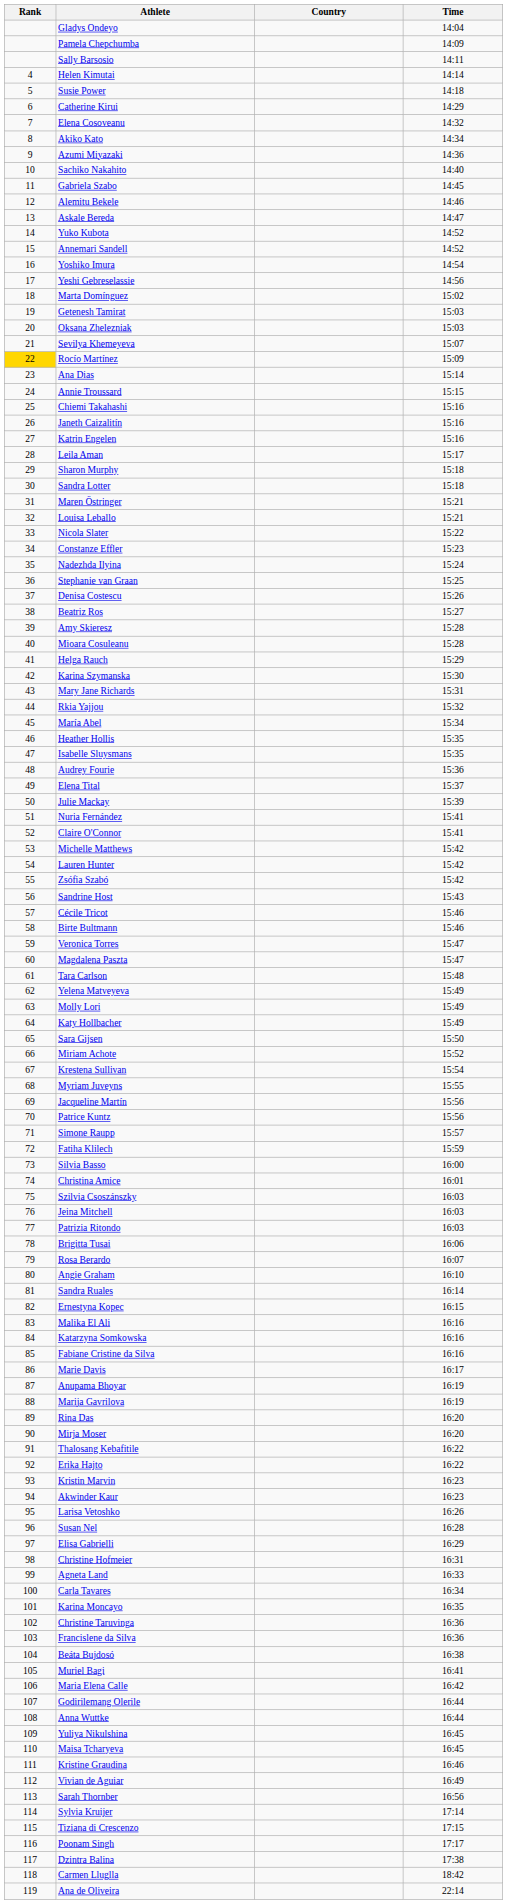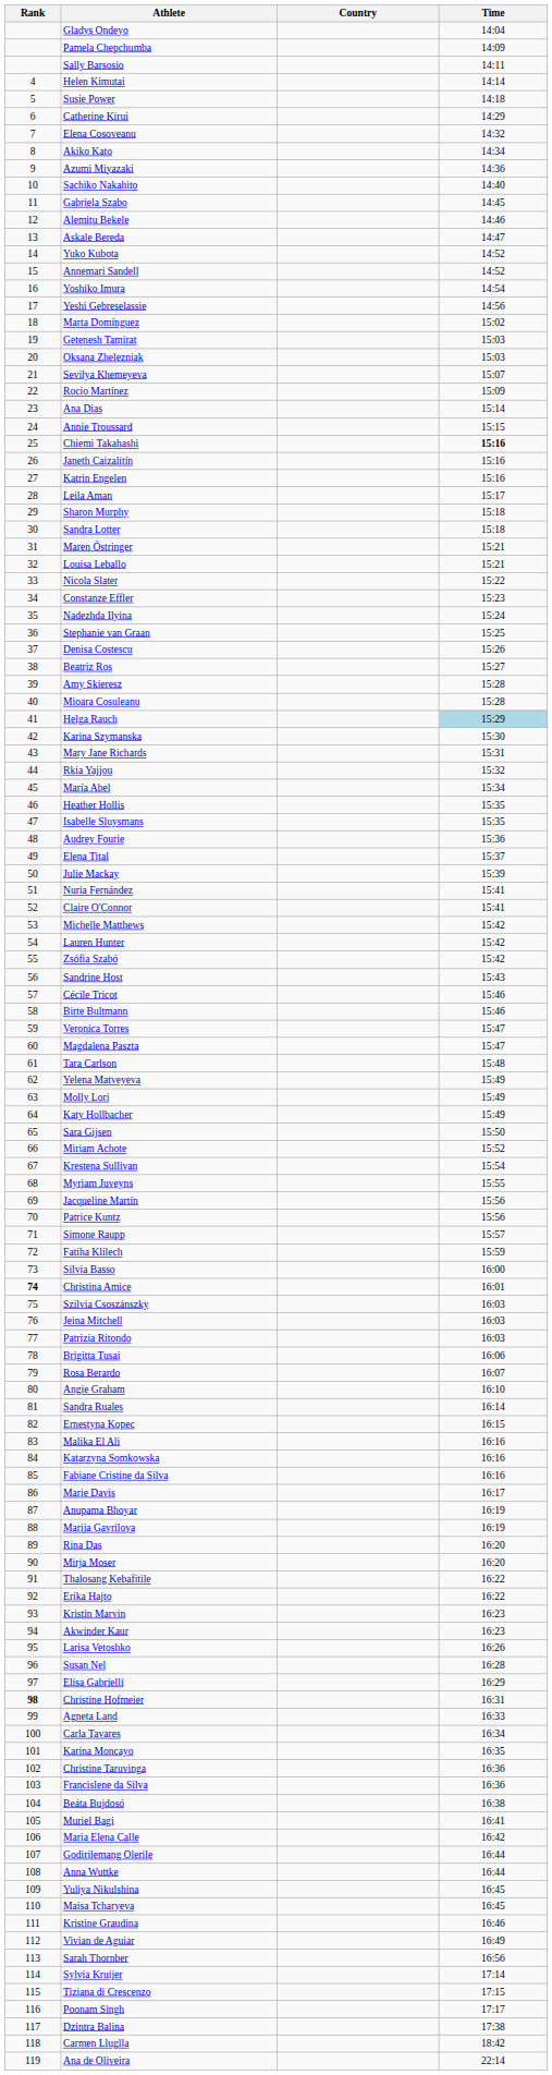 <table class="wikitable sortable" style=" text-align:center; font-size:95%;" width="50%">
 <tr>
 <th width=5%>Rank</th>
 <th width=20%>Athlete</th>
 <th width=15%>Country</th>
 <th width=10%>Time</th>
 </tr>
 <tr>
 <td align=center></td>
 <td align=left><a href='#'>Gladys Ondeyo</a></td>
 <td align=left></td>
 <td>14:04</td>
 </tr>
 <tr>
 <td align=center></td>
 <td align=left><a href='#'>Pamela Chepchumba</a></td>
 <td align=left></td>
 <td>14:09</td>
 </tr>
 <tr>
 <td align=center></td>
 <td align=left><a href='#'>Sally Barsosio</a></td>
 <td align=left></td>
 <td>14:11</td>
 </tr>
 <tr>
 <td align=center>4</td>
 <td align=left><a href='#'>Helen Kimutai</a></td>
 <td align=left></td>
 <td>14:14</td>
 </tr>
 <tr>
 <td align=center>5</td>
 <td align=left><a href='#'>Susie Power</a></td>
 <td align=left></td>
 <td>14:18</td>
 </tr>
 <tr>
 <td align=center>6</td>
 <td align=left><a href='#'>Catherine Kirui</a></td>
 <td align=left></td>
 <td>14:29</td>
 </tr>
 <tr>
 <td align=center>7</td>
 <td align=left><a href='#'>Elena Cosoveanu</a></td>
 <td align=left></td>
 <td>14:32</td>
 </tr>
 <tr>
 <td align=center>8</td>
 <td align=left><a href='#'>Akiko Kato</a></td>
 <td align=left></td>
 <td>14:34</td>
 </tr>
 <tr>
 <td align=center>9</td>
 <td align=left><a href='#'>Azumi Miyazaki</a></td>
 <td align=left></td>
 <td>14:36</td>
 </tr>
 <tr>
 <td align=center>10</td>
 <td align=left><a href='#'>Sachiko Nakahito</a></td>
 <td align=left></td>
 <td>14:40</td>
 </tr>
 <tr>
 <td align=center>11</td>
 <td align=left><a href='#'>Gabriela Szabo</a></td>
 <td align=left></td>
 <td>14:45</td>
 </tr>
 <tr>
 <td align=center>12</td>
 <td align=left><a href='#'>Alemitu Bekele</a></td>
 <td align=left></td>
 <td>14:46</td>
 </tr>
 <tr>
 <td align=center>13</td>
 <td align=left><a href='#'>Askale Bereda</a></td>
 <td align=left></td>
 <td>14:47</td>
 </tr>
 <tr>
 <td align=center>14</td>
 <td align=left><a href='#'>Yuko Kubota</a></td>
 <td align=left></td>
 <td>14:52</td>
 </tr>
 <tr>
 <td align=center>15</td>
 <td align=left><a href='#'>Annemari Sandell</a></td>
 <td align=left></td>
 <td>14:52</td>
 </tr>
 <tr>
 <td align=center>16</td>
 <td align=left><a href='#'>Yoshiko Imura</a></td>
 <td align=left></td>
 <td>14:54</td>
 </tr>
 <tr>
 <td align=center>17</td>
 <td align=left><a href='#'>Yeshi Gebreselassie</a></td>
 <td align=left></td>
 <td>14:56</td>
 </tr>
 <tr>
 <td align=center>18</td>
 <td align=left><a href='#'>Marta Domínguez</a></td>
 <td align=left></td>
 <td>15:02</td>
 </tr>
 <tr>
 <td align=center>19</td>
 <td align=left><a href='#'>Getenesh Tamirat</a></td>
 <td align=left></td>
 <td>15:03</td>
 </tr>
 <tr>
 <td align=center>20</td>
 <td align=left><a href='#'>Oksana Zhelezniak</a></td>
 <td align=left></td>
 <td>15:03</td>
 </tr>
 <tr>
 <td align=center>21</td>
 <td align=left><a href='#'>Sevilya Khemeyeva</a></td>
 <td align=left></td>
 <td>15:07</td>
 </tr>
 <tr>
-<td align=center style="background: gold;">22</td>
+<td align=center>22</td>
 <td align=left><a href='#'>Rocío Martínez</a></td>
 <td align=left></td>
 <td>15:09</td>
 </tr>
 <tr>
 <td align=center>23</td>
 <td align=left><a href='#'>Ana Dias</a></td>
 <td align=left></td>
 <td>15:14</td>
 </tr>
 <tr>
 <td align=center>24</td>
 <td align=left><a href='#'>Annie Troussard</a></td>
 <td align=left></td>
 <td>15:15</td>
 </tr>
 <tr>
 <td align=center>25</td>
 <td align=left><a href='#'>Chiemi Takahashi</a></td>
 <td align=left></td>
-<td>15:16</td>
+<td><strong>15:16</strong></td>
 </tr>
 <tr>
 <td align=center>26</td>
 <td align=left><a href='#'>Janeth Caizalitín</a></td>
 <td align=left></td>
 <td>15:16</td>
 </tr>
 <tr>
 <td align=center>27</td>
 <td align=left><a href='#'>Katrin Engelen</a></td>
 <td align=left></td>
 <td>15:16</td>
 </tr>
 <tr>
 <td align=center>28</td>
 <td align=left><a href='#'>Leila Aman</a></td>
 <td align=left></td>
 <td>15:17</td>
 </tr>
 <tr>
 <td align=center>29</td>
 <td align=left><a href='#'>Sharon Murphy</a></td>
 <td align=left></td>
 <td>15:18</td>
 </tr>
 <tr>
 <td align=center>30</td>
 <td align=left><a href='#'>Sandra Lotter</a></td>
 <td align=left></td>
 <td>15:18</td>
 </tr>
 <tr>
 <td align=center>31</td>
 <td align=left><a href='#'>Maren Östringer</a></td>
 <td align=left></td>
 <td>15:21</td>
 </tr>
 <tr>
 <td align=center>32</td>
 <td align=left><a href='#'>Louisa Leballo</a></td>
 <td align=left></td>
 <td>15:21</td>
 </tr>
 <tr>
 <td align=center>33</td>
 <td align=left><a href='#'>Nicola Slater</a></td>
 <td align=left></td>
 <td>15:22</td>
 </tr>
 <tr>
 <td align=center>34</td>
 <td align=left><a href='#'>Constanze Effler</a></td>
 <td align=left></td>
 <td>15:23</td>
 </tr>
 <tr>
 <td align=center>35</td>
 <td align=left><a href='#'>Nadezhda Ilyina</a></td>
 <td align=left></td>
 <td>15:24</td>
 </tr>
 <tr>
 <td align=center>36</td>
 <td align=left><a href='#'>Stephanie van Graan</a></td>
 <td align=left></td>
 <td>15:25</td>
 </tr>
 <tr>
 <td align=center>37</td>
 <td align=left><a href='#'>Denisa Costescu</a></td>
 <td align=left></td>
 <td>15:26</td>
 </tr>
 <tr>
 <td align=center>38</td>
 <td align=left><a href='#'>Beatriz Ros</a></td>
 <td align=left></td>
 <td>15:27</td>
 </tr>
 <tr>
 <td align=center>39</td>
 <td align=left><a href='#'>Amy Skieresz</a></td>
 <td align=left></td>
 <td>15:28</td>
 </tr>
 <tr>
 <td align=center>40</td>
 <td align=left><a href='#'>Mioara Cosuleanu</a></td>
 <td align=left></td>
 <td>15:28</td>
 </tr>
 <tr>
 <td align=center>41</td>
 <td align=left><a href='#'>Helga Rauch</a></td>
 <td align=left></td>
-<td>15:29</td>
+<td style="background: lightblue;">15:29</td>
 </tr>
 <tr>
 <td align=center>42</td>
 <td align=left><a href='#'>Karina Szymanska</a></td>
 <td align=left></td>
 <td>15:30</td>
 </tr>
 <tr>
 <td align=center>43</td>
 <td align=left><a href='#'> Mary Jane Richards</a></td>
 <td align=left></td>
 <td>15:31</td>
 </tr>
 <tr>
 <td align=center>44</td>
 <td align=left><a href='#'>Rkia Yajjou</a></td>
 <td align=left></td>
 <td>15:32</td>
 </tr>
 <tr>
 <td align=center>45</td>
 <td align=left><a href='#'>María Abel</a></td>
 <td align=left></td>
 <td>15:34</td>
 </tr>
 <tr>
 <td align=center>46</td>
 <td align=left><a href='#'>Heather Hollis</a></td>
 <td align=left></td>
 <td>15:35</td>
 </tr>
 <tr>
 <td align=center>47</td>
 <td align=left><a href='#'>Isabelle Sluysmans</a></td>
 <td align=left></td>
 <td>15:35</td>
 </tr>
 <tr>
 <td align=center>48</td>
 <td align=left><a href='#'>Audrey Fourie</a></td>
 <td align=left></td>
 <td>15:36</td>
 </tr>
 <tr>
 <td align=center>49</td>
 <td align=left><a href='#'>Elena Tital</a></td>
 <td align=left></td>
 <td>15:37</td>
 </tr>
 <tr>
 <td align=center>50</td>
 <td align=left><a href='#'>Julie Mackay</a></td>
 <td align=left></td>
 <td>15:39</td>
 </tr>
 <tr>
 <td align=center>51</td>
 <td align=left><a href='#'>Nuria Fernández</a></td>
 <td align=left></td>
 <td>15:41</td>
 </tr>
 <tr>
 <td align=center>52</td>
 <td align=left><a href='#'>Claire O'Connor</a></td>
 <td align=left></td>
 <td>15:41</td>
 </tr>
 <tr>
 <td align=center>53</td>
 <td align=left><a href='#'>Michelle Matthews</a></td>
 <td align=left></td>
 <td>15:42</td>
 </tr>
 <tr>
 <td align=center>54</td>
 <td align=left><a href='#'>Lauren Hunter</a></td>
 <td align=left></td>
 <td>15:42</td>
 </tr>
 <tr>
 <td align=center>55</td>
 <td align=left><a href='#'>Zsófia Szabó</a></td>
 <td align=left></td>
 <td>15:42</td>
 </tr>
 <tr>
 <td align=center>56</td>
 <td align=left><a href='#'>Sandrine Host</a></td>
 <td align=left></td>
 <td>15:43</td>
 </tr>
 <tr>
 <td align=center>57</td>
 <td align=left><a href='#'>Cécile Tricot</a></td>
 <td align=left></td>
 <td>15:46</td>
 </tr>
 <tr>
 <td align=center>58</td>
 <td align=left><a href='#'>Birte Bultmann</a></td>
 <td align=left></td>
 <td>15:46</td>
 </tr>
 <tr>
 <td align=center>59</td>
 <td align=left><a href='#'>Veronica Torres</a></td>
 <td align=left></td>
 <td>15:47</td>
 </tr>
 <tr>
 <td align=center>60</td>
 <td align=left><a href='#'>Magdalena Paszta</a></td>
 <td align=left></td>
 <td>15:47</td>
 </tr>
 <tr>
 <td align=center>61</td>
 <td align=left><a href='#'>Tara Carlson</a></td>
 <td align=left></td>
 <td>15:48</td>
 </tr>
 <tr>
 <td align=center>62</td>
 <td align=left><a href='#'>Yelena Matveyeva</a></td>
 <td align=left></td>
 <td>15:49</td>
 </tr>
 <tr>
 <td align=center>63</td>
 <td align=left><a href='#'>Molly Lori</a></td>
 <td align=left></td>
 <td>15:49</td>
 </tr>
 <tr>
 <td align=center>64</td>
 <td align=left><a href='#'>Katy Hollbacher</a></td>
 <td align=left></td>
 <td>15:49</td>
 </tr>
 <tr>
 <td align=center>65</td>
 <td align=left><a href='#'>Sara Gijsen</a></td>
 <td align=left></td>
 <td>15:50</td>
 </tr>
 <tr>
 <td align=center>66</td>
 <td align=left><a href='#'>Miriam Achote</a></td>
 <td align=left></td>
 <td>15:52</td>
 </tr>
 <tr>
 <td align=center>67</td>
 <td align=left><a href='#'>Krestena Sullivan</a></td>
 <td align=left></td>
 <td>15:54</td>
 </tr>
 <tr>
 <td align=center>68</td>
 <td align=left><a href='#'>Myriam Juveyns</a></td>
 <td align=left></td>
 <td>15:55</td>
 </tr>
 <tr>
 <td align=center>69</td>
 <td align=left><a href='#'>Jacqueline Martín</a></td>
 <td align=left></td>
 <td>15:56</td>
 </tr>
 <tr>
 <td align=center>70</td>
 <td align=left><a href='#'>Patrice Kuntz</a></td>
 <td align=left></td>
 <td>15:56</td>
 </tr>
 <tr>
 <td align=center>71</td>
 <td align=left><a href='#'>Simone Raupp</a></td>
 <td align=left></td>
 <td>15:57</td>
 </tr>
 <tr>
 <td align=center>72</td>
 <td align=left><a href='#'>Fatiha Klilech</a></td>
 <td align=left></td>
 <td>15:59</td>
 </tr>
 <tr>
 <td align=center>73</td>
 <td align=left><a href='#'>Silvia Basso</a></td>
 <td align=left></td>
 <td>16:00</td>
 </tr>
 <tr>
-<td align=center>74</td>
+<td align=center><strong>74</strong></td>
 <td align=left><a href='#'>Christina Amice</a></td>
 <td align=left></td>
 <td>16:01</td>
 </tr>
 <tr>
 <td align=center>75</td>
 <td align=left><a href='#'>Szilvia Csoszánszky</a></td>
 <td align=left></td>
 <td>16:03</td>
 </tr>
 <tr>
 <td align=center>76</td>
 <td align=left><a href='#'>Jeina Mitchell</a></td>
 <td align=left></td>
 <td>16:03</td>
 </tr>
 <tr>
 <td align=center>77</td>
 <td align=left><a href='#'>Patrizia Ritondo</a></td>
 <td align=left></td>
 <td>16:03</td>
 </tr>
 <tr>
 <td align=center>78</td>
 <td align=left><a href='#'>Brigitta Tusai</a></td>
 <td align=left></td>
 <td>16:06</td>
 </tr>
 <tr>
 <td align=center>79</td>
 <td align=left><a href='#'>Rosa Berardo</a></td>
 <td align=left></td>
 <td>16:07</td>
 </tr>
 <tr>
 <td align=center>80</td>
 <td align=left><a href='#'>Angie Graham</a></td>
 <td align=left></td>
 <td>16:10</td>
 </tr>
 <tr>
 <td align=center>81</td>
 <td align=left><a href='#'>Sandra Ruales</a></td>
 <td align=left></td>
 <td>16:14</td>
 </tr>
 <tr>
 <td align=center>82</td>
 <td align=left><a href='#'>Ernestyna Kopec</a></td>
 <td align=left></td>
 <td>16:15</td>
 </tr>
 <tr>
 <td align=center>83</td>
 <td align=left><a href='#'>Malika El Ali</a></td>
 <td align=left></td>
 <td>16:16</td>
 </tr>
 <tr>
 <td align=center>84</td>
 <td align=left><a href='#'>Katarzyna Somkowska</a></td>
 <td align=left></td>
 <td>16:16</td>
 </tr>
 <tr>
 <td align=center>85</td>
 <td align=left><a href='#'>Fabiane Cristine da Silva</a></td>
 <td align=left></td>
 <td>16:16</td>
 </tr>
 <tr>
 <td align=center>86</td>
 <td align=left><a href='#'>Marie Davis</a></td>
 <td align=left></td>
 <td>16:17</td>
 </tr>
 <tr>
 <td align=center>87</td>
 <td align=left><a href='#'>Anupama Bhoyar</a></td>
 <td align=left></td>
 <td>16:19</td>
 </tr>
 <tr>
 <td align=center>88</td>
 <td align=left><a href='#'>Marija Gavrilova</a></td>
 <td align=left></td>
 <td>16:19</td>
 </tr>
 <tr>
 <td align=center>89</td>
 <td align=left><a href='#'>Rina Das</a></td>
 <td align=left></td>
 <td>16:20</td>
 </tr>
 <tr>
 <td align=center>90</td>
 <td align=left><a href='#'>Mirja Moser</a></td>
 <td align=left></td>
 <td>16:20</td>
 </tr>
 <tr>
 <td align=center>91</td>
 <td align=left><a href='#'>Thalosang Kebafitile</a></td>
 <td align=left></td>
 <td>16:22</td>
 </tr>
 <tr>
 <td align=center>92</td>
 <td align=left><a href='#'>Erika Hajto</a></td>
 <td align=left></td>
 <td>16:22</td>
 </tr>
 <tr>
 <td align=center>93</td>
 <td align=left><a href='#'>Kristin Marvin</a></td>
 <td align=left></td>
 <td>16:23</td>
 </tr>
 <tr>
 <td align=center>94</td>
 <td align=left><a href='#'>Akwinder Kaur</a></td>
 <td align=left></td>
 <td>16:23</td>
 </tr>
 <tr>
 <td align=center>95</td>
 <td align=left><a href='#'>Larisa Vetoshko</a></td>
 <td align=left></td>
 <td>16:26</td>
 </tr>
 <tr>
 <td align=center>96</td>
 <td align=left><a href='#'>Susan Nel</a></td>
 <td align=left></td>
 <td>16:28</td>
 </tr>
 <tr>
 <td align=center>97</td>
 <td align=left><a href='#'>Elisa Gabrielli</a></td>
 <td align=left></td>
 <td>16:29</td>
 </tr>
 <tr>
-<td align=center>98</td>
+<td align=center><strong>98</strong></td>
 <td align=left><a href='#'>Christine Hofmeier</a></td>
 <td align=left></td>
 <td>16:31</td>
 </tr>
 <tr>
 <td align=center>99</td>
 <td align=left><a href='#'>Agneta Land</a></td>
 <td align=left></td>
 <td>16:33</td>
 </tr>
 <tr>
 <td align=center>100</td>
 <td align=left><a href='#'>Carla Tavares</a></td>
 <td align=left></td>
 <td>16:34</td>
 </tr>
 <tr>
 <td align=center>101</td>
 <td align=left><a href='#'>Karina Moncayo</a></td>
 <td align=left></td>
 <td>16:35</td>
 </tr>
 <tr>
 <td align=center>102</td>
 <td align=left><a href='#'>Christine Taruvinga</a></td>
 <td align=left></td>
 <td>16:36</td>
 </tr>
 <tr>
 <td align=center>103</td>
 <td align=left><a href='#'>Francislene da Silva</a></td>
 <td align=left></td>
 <td>16:36</td>
 </tr>
 <tr>
 <td align=center>104</td>
 <td align=left><a href='#'>Beáta Bujdosó</a></td>
 <td align=left></td>
 <td>16:38</td>
 </tr>
 <tr>
 <td align=center>105</td>
 <td align=left><a href='#'>Muriel Bagi</a></td>
 <td align=left></td>
 <td>16:41</td>
 </tr>
 <tr>
 <td align=center>106</td>
 <td align=left><a href='#'>Maria Elena Calle</a></td>
 <td align=left></td>
 <td>16:42</td>
 </tr>
 <tr>
 <td align=center>107</td>
 <td align=left><a href='#'>Godirilemang Olerile</a></td>
 <td align=left></td>
 <td>16:44</td>
 </tr>
 <tr>
 <td align=center>108</td>
 <td align=left><a href='#'>Anna Wuttke</a></td>
 <td align=left></td>
 <td>16:44</td>
 </tr>
 <tr>
 <td align=center>109</td>
 <td align=left><a href='#'>Yuliya Nikulshina</a></td>
 <td align=left></td>
 <td>16:45</td>
 </tr>
 <tr>
 <td align=center>110</td>
 <td align=left><a href='#'>Maisa Tcharyeva</a></td>
 <td align=left></td>
 <td>16:45</td>
 </tr>
 <tr>
 <td align=center>111</td>
 <td align=left><a href='#'>Kristine Graudina</a></td>
 <td align=left></td>
 <td>16:46</td>
 </tr>
 <tr>
 <td align=center>112</td>
 <td align=left><a href='#'>Vivian de Aguiar</a></td>
 <td align=left></td>
 <td>16:49</td>
 </tr>
 <tr>
 <td align=center>113</td>
 <td align=left><a href='#'>Sarah Thornber</a></td>
 <td align=left></td>
 <td>16:56</td>
 </tr>
 <tr>
 <td align=center>114</td>
 <td align=left><a href='#'>Sylvia Kruijer</a></td>
 <td align=left></td>
 <td>17:14</td>
 </tr>
 <tr>
 <td align=center>115</td>
 <td align=left><a href='#'>Tiziana di Crescenzo</a></td>
 <td align=left></td>
 <td>17:15</td>
 </tr>
 <tr>
 <td align=center>116</td>
 <td align=left><a href='#'>Poonam Singh</a></td>
 <td align=left></td>
 <td>17:17</td>
 </tr>
 <tr>
 <td align=center>117</td>
 <td align=left><a href='#'>Dzintra Balina</a></td>
 <td align=left></td>
 <td>17:38</td>
 </tr>
 <tr>
 <td align=center>118</td>
 <td align=left><a href='#'>Carmen Lluglla</a></td>
 <td align=left></td>
 <td>18:42</td>
 </tr>
 <tr>
 <td align=center>119</td>
 <td align=left><a href='#'>Ana de Oliveira</a></td>
 <td align=left></td>
 <td>22:14</td>
 </tr>
 </table>
